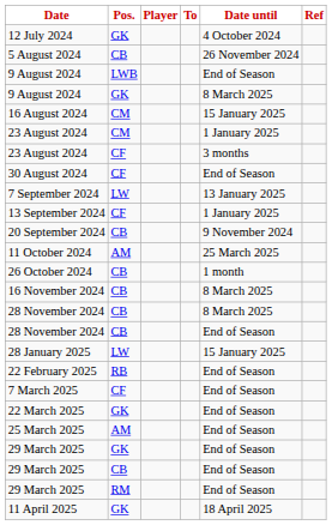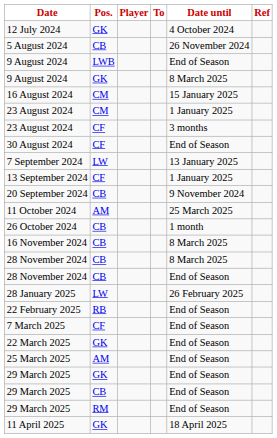 <table class="wikitable plainrowheaders sortable">
 <tr>
 <th style="background:#ffffff;color:#cc0000;">Date</th>
 <th style="background:#ffffff;color:#cc0000;">Pos.</th>
 <th style="background:#ffffff;color:#cc0000;">Player</th>
 <th style="background:#ffffff;color:#cc0000;">To</th>
 <th style="background:#ffffff;color:#cc0000;">Date until</th>
 <th style="background:#ffffff;color:#cc0000;">Ref</th>
 </tr>
 <tr>
 <td>12 July 2024</td>
 <td><a href='#'>GK</a></td>
 <td></td>
 <td></td>
 <td>4 October 2024</td>
 <td></td>
 </tr>
 <tr>
 <td>5 August 2024</td>
 <td><a href='#'>CB</a></td>
 <td></td>
 <td></td>
 <td>26 November 2024</td>
 <td></td>
 </tr>
 <tr>
 <td>9 August 2024</td>
 <td><a href='#'>LWB</a></td>
 <td></td>
 <td></td>
 <td>End of Season</td>
 <td></td>
 </tr>
 <tr>
 <td>9 August 2024</td>
 <td><a href='#'>GK</a></td>
 <td></td>
 <td></td>
 <td>8 March 2025</td>
 <td></td>
 </tr>
 <tr>
 <td>16 August 2024</td>
 <td><a href='#'>CM</a></td>
 <td></td>
 <td></td>
 <td>15 January 2025</td>
 <td></td>
 </tr>
 <tr>
 <td>23 August 2024</td>
 <td><a href='#'>CM</a></td>
 <td></td>
 <td></td>
 <td>1 January 2025</td>
 <td></td>
 </tr>
 <tr>
 <td>23 August 2024</td>
 <td><a href='#'>CF</a></td>
 <td></td>
 <td></td>
 <td>3 months</td>
 <td></td>
 </tr>
 <tr>
 <td>30 August 2024</td>
 <td><a href='#'>CF</a></td>
 <td></td>
 <td></td>
 <td>End of Season</td>
 <td></td>
 </tr>
 <tr>
 <td>7 September 2024</td>
 <td><a href='#'>LW</a></td>
 <td></td>
 <td></td>
 <td>13 January 2025</td>
 <td></td>
 </tr>
 <tr>
 <td>13 September 2024</td>
 <td><a href='#'>CF</a></td>
 <td></td>
 <td></td>
 <td>1 January 2025</td>
 <td></td>
 </tr>
 <tr>
 <td>20 September 2024</td>
 <td><a href='#'>CB</a></td>
 <td></td>
 <td></td>
 <td>9 November 2024</td>
 <td></td>
 </tr>
 <tr>
 <td>11 October 2024</td>
 <td><a href='#'>AM</a></td>
 <td></td>
 <td></td>
 <td>25 March 2025</td>
 <td></td>
 </tr>
 <tr>
 <td>26 October 2024</td>
 <td><a href='#'>CB</a></td>
 <td></td>
 <td></td>
 <td>1 month</td>
 <td></td>
 </tr>
 <tr>
 <td>16 November 2024</td>
 <td><a href='#'>CB</a></td>
 <td></td>
 <td></td>
 <td>8 March 2025</td>
 <td></td>
 </tr>
 <tr>
 <td>28 November 2024</td>
 <td><a href='#'>CB</a></td>
 <td></td>
 <td></td>
 <td>8 March 2025</td>
 <td></td>
 </tr>
 <tr>
 <td>28 November 2024</td>
 <td><a href='#'>CB</a></td>
 <td></td>
 <td></td>
 <td>End of Season</td>
 <td></td>
 </tr>
 <tr>
 <td>28 January 2025</td>
 <td><a href='#'>LW</a></td>
 <td></td>
 <td></td>
-<td>15 January 2025</td>
+<td>26 February 2025</td>
 <td></td>
 </tr>
 <tr>
 <td>22 February 2025</td>
 <td><a href='#'>RB</a></td>
 <td></td>
 <td></td>
 <td>End of Season</td>
 <td></td>
 </tr>
 <tr>
 <td>7 March 2025</td>
 <td><a href='#'>CF</a></td>
 <td></td>
 <td></td>
 <td>End of Season</td>
 <td></td>
 </tr>
 <tr>
 <td>22 March 2025</td>
 <td><a href='#'>GK</a></td>
 <td></td>
 <td></td>
 <td>End of Season</td>
 <td></td>
 </tr>
 <tr>
 <td>25 March 2025</td>
 <td><a href='#'>AM</a></td>
 <td></td>
 <td></td>
 <td>End of Season</td>
 <td></td>
 </tr>
 <tr>
 <td>29 March 2025</td>
 <td><a href='#'>GK</a></td>
 <td></td>
 <td></td>
 <td>End of Season</td>
 <td></td>
 </tr>
 <tr>
 <td>29 March 2025</td>
 <td><a href='#'>CB</a></td>
 <td></td>
 <td></td>
 <td>End of Season</td>
 <td></td>
 </tr>
 <tr>
 <td>29 March 2025</td>
 <td><a href='#'>RM</a></td>
 <td></td>
 <td></td>
 <td>End of Season</td>
 <td></td>
 </tr>
 <tr>
 <td>11 April 2025</td>
 <td><a href='#'>GK</a></td>
 <td></td>
 <td></td>
 <td>18 April 2025</td>
 <td></td>
 </tr>
 </table>
